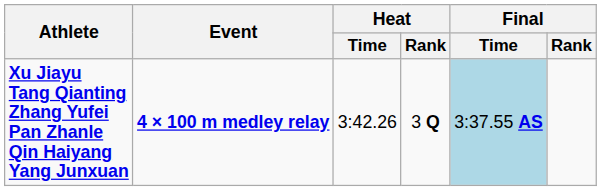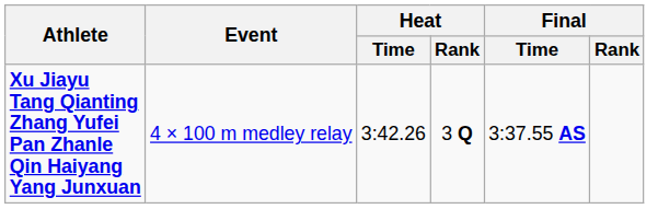 <table class=wikitable style="font-size:90%;">
 <tr>
 <th rowspan=2>Athlete</th>
 <th rowspan=2>Event</th>
 <th colspan=2>Heat</th>
 <th colspan=2>Final</th>
 </tr>
 <tr style="font-size:95%">
 <th>Time</th>
 <th>Rank</th>
 <th>Time</th>
 <th>Rank</th>
 </tr>
 <tr align=center>
 <td align=left><strong><a href='#'>Xu Jiayu</a><br><a href='#'>Tang Qianting</a><br><a href='#'>Zhang Yufei</a><br><a href='#'>Pan Zhanle</a><br><a href='#'>Qin Haiyang</a><br><a href='#'>Yang Junxuan</a></strong></td>
-<td align=left><strong><a href='#'>4 × 100 m medley relay</a></strong></td>
+<td align=left><a href='#'>4 × 100 m medley relay</a></td>
 <td>3:42.26</td>
 <td>3 <strong>Q</strong></td>
-<td style="background: lightblue;">3:37.55 <strong><a href='#'>AS</a></strong></td>
+<td>3:37.55 <strong><a href='#'>AS</a></strong></td>
 <td></td>
 </tr>
 </table>
